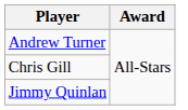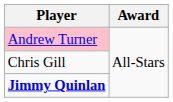 <table class="wikitable">
 <tr>
 <th>Player</th>
 <th>Award</th>
 </tr>
 <tr>
-<td><a href='#'>Andrew Turner</a></td>
+<td style="background: pink;"><a href='#'>Andrew Turner</a></td>
 <td rowspan=3>All-Stars</td>
 </tr>
 <tr>
 <td>Chris Gill</td>
 </tr>
 <tr>
-<td><a href='#'>Jimmy Quinlan</a></td>
+<td><strong><a href='#'>Jimmy Quinlan</a></strong></td>
 </tr>
 </table>
